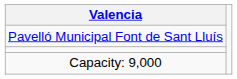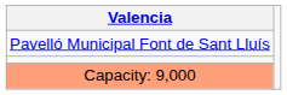 <table class="wikitable" style="text-align:center; margin:1em auto;">
 <tr>
 <th><a href='#'>Valencia</a></th>
 <td rowspan=4></td>
 </tr>
 <tr>
 <td><a href='#'>Pavelló Municipal Font de Sant Lluís</a></td>
 </tr>
 <tr>
 <td></td>
 </tr>
 <tr>
-<td>Capacity: 9,000</td>
+<td style="background: lightsalmon;">Capacity: 9,000</td>
 </tr>
 </table>
